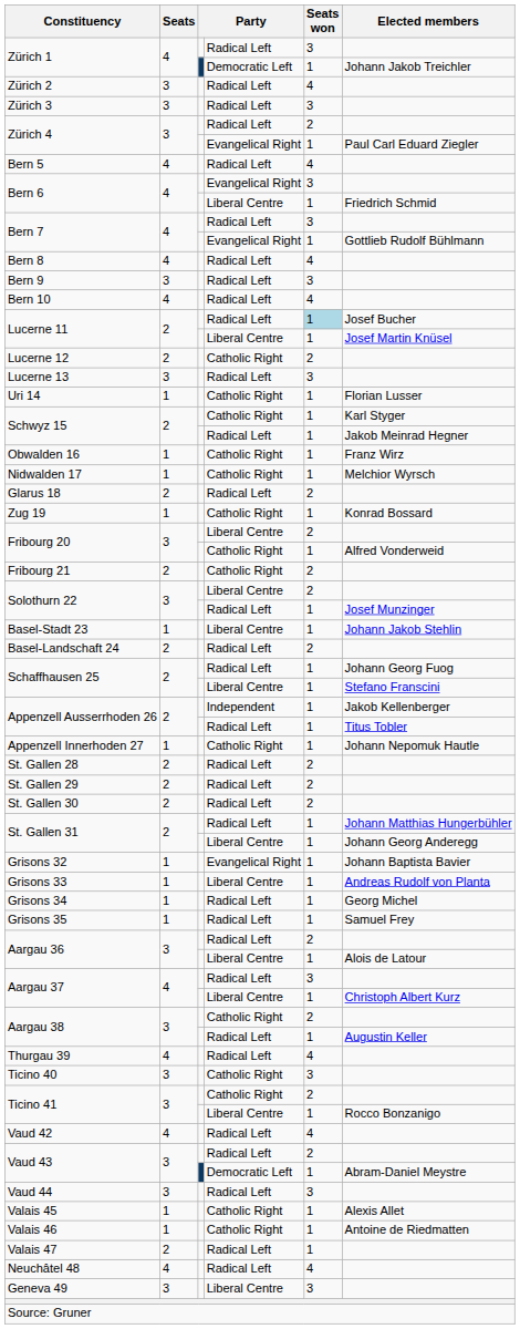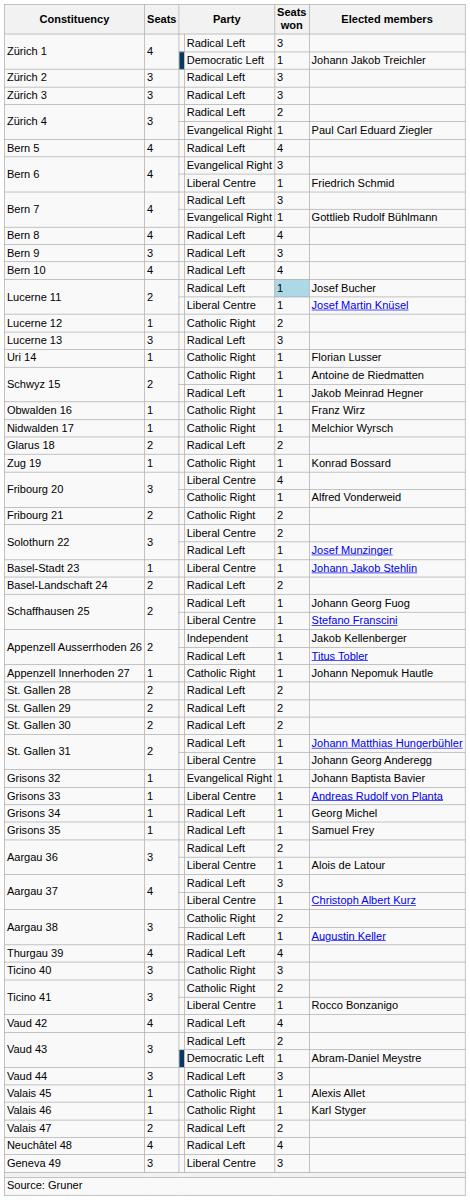 <table class="wikitable">
 <tr>
 <th>Constituency</th>
 <th>Seats</th>
 <th colspan="2">Party</th>
 <th>Seats<br>won</th>
 <th>Elected members</th>
 </tr>
 <tr>
 <td rowspan="2">Zürich 1</td>
 <td rowspan="2">4</td>
 <td style="color:inherit;background:"></td>
 <td>Radical Left</td>
 <td>3</td>
 <td></td>
 </tr>
 <tr>
 <td style="color:inherit;background:#0B3861"></td>
 <td>Democratic Left</td>
 <td>1</td>
 <td>Johann Jakob Treichler</td>
 </tr>
 <tr>
 <td>Zürich 2</td>
 <td>3</td>
 <td style="color:inherit;background:"></td>
 <td>Radical Left</td>
-<td>4</td>
+<td>3</td>
 <td></td>
 </tr>
 <tr>
 <td>Zürich 3</td>
 <td>3</td>
 <td style="color:inherit;background:"></td>
 <td>Radical Left</td>
 <td>3</td>
 <td></td>
 </tr>
 <tr>
 <td rowspan="2">Zürich 4</td>
 <td rowspan="2">3</td>
 <td style="color:inherit;background:"></td>
 <td>Radical Left</td>
 <td>2</td>
 <td></td>
 </tr>
 <tr>
 <td style="color:inherit;background:"></td>
 <td>Evangelical Right</td>
 <td>1</td>
 <td>Paul Carl Eduard Ziegler</td>
 </tr>
 <tr>
 <td>Bern 5</td>
 <td>4</td>
 <td style="color:inherit;background:"></td>
 <td>Radical Left</td>
 <td>4</td>
 <td></td>
 </tr>
 <tr>
 <td rowspan="2">Bern 6</td>
 <td rowspan="2">4</td>
 <td style="color:inherit;background:"></td>
 <td>Evangelical Right</td>
 <td>3</td>
 <td></td>
 </tr>
 <tr>
 <td style="color:inherit;background:"></td>
 <td>Liberal Centre</td>
 <td>1</td>
 <td>Friedrich Schmid</td>
 </tr>
 <tr>
 <td rowspan="2">Bern 7</td>
 <td rowspan="2">4</td>
 <td style="color:inherit;background:"></td>
 <td>Radical Left</td>
 <td>3</td>
 <td></td>
 </tr>
 <tr>
 <td style="color:inherit;background:"></td>
 <td>Evangelical Right</td>
 <td>1</td>
 <td>Gottlieb Rudolf Bühlmann</td>
 </tr>
 <tr>
 <td>Bern 8</td>
 <td>4</td>
 <td style="color:inherit;background:"></td>
 <td>Radical Left</td>
 <td>4</td>
 <td></td>
 </tr>
 <tr>
 <td>Bern 9</td>
 <td>3</td>
 <td style="color:inherit;background:"></td>
 <td>Radical Left</td>
 <td>3</td>
 <td></td>
 </tr>
 <tr>
 <td>Bern 10</td>
 <td>4</td>
 <td style="color:inherit;background:"></td>
 <td>Radical Left</td>
 <td>4</td>
 <td></td>
 </tr>
 <tr>
 <td rowspan="2">Lucerne 11</td>
 <td rowspan="2">2</td>
 <td style="color:inherit;background:"></td>
 <td>Radical Left</td>
 <td style="background: lightblue;">1</td>
 <td>Josef Bucher</td>
 </tr>
 <tr>
 <td style="color:inherit;background:"></td>
 <td>Liberal Centre</td>
 <td>1</td>
 <td><a href='#'>Josef Martin Knüsel</a></td>
 </tr>
 <tr>
 <td>Lucerne 12</td>
-<td>2</td>
+<td>1</td>
 <td style="color:inherit;background:"></td>
 <td>Catholic Right</td>
 <td>2</td>
 <td></td>
 </tr>
 <tr>
 <td>Lucerne 13</td>
 <td>3</td>
 <td style="color:inherit;background:"></td>
 <td>Radical Left</td>
 <td>3</td>
 <td></td>
 </tr>
 <tr>
 <td>Uri 14</td>
 <td>1</td>
 <td style="color:inherit;background:"></td>
 <td>Catholic Right</td>
 <td>1</td>
 <td>Florian Lusser</td>
 </tr>
 <tr>
 <td rowspan="2">Schwyz 15</td>
 <td rowspan="2">2</td>
 <td style="color:inherit;background:"></td>
 <td>Catholic Right</td>
 <td>1</td>
-<td>Karl Styger</td>
+<td>Antoine de Riedmatten</td>
 </tr>
 <tr>
 <td style="color:inherit;background:"></td>
 <td>Radical Left</td>
 <td>1</td>
 <td>Jakob Meinrad Hegner</td>
 </tr>
 <tr>
 <td>Obwalden 16</td>
 <td>1</td>
 <td style="color:inherit;background:"></td>
 <td>Catholic Right</td>
 <td>1</td>
 <td>Franz Wirz</td>
 </tr>
 <tr>
 <td>Nidwalden 17</td>
 <td>1</td>
 <td style="color:inherit;background:"></td>
 <td>Catholic Right</td>
 <td>1</td>
 <td>Melchior Wyrsch</td>
 </tr>
 <tr>
 <td>Glarus 18</td>
 <td>2</td>
 <td style="color:inherit;background:"></td>
 <td>Radical Left</td>
 <td>2</td>
 <td></td>
 </tr>
 <tr>
 <td>Zug 19</td>
 <td>1</td>
 <td style="color:inherit;background:"></td>
 <td>Catholic Right</td>
 <td>1</td>
 <td>Konrad Bossard</td>
 </tr>
 <tr>
 <td rowspan="2">Fribourg 20</td>
 <td rowspan="2">3</td>
 <td style="color:inherit;background:"></td>
 <td>Liberal Centre</td>
-<td>2</td>
+<td>4</td>
 <td></td>
 </tr>
 <tr>
 <td style="color:inherit;background:"></td>
 <td>Catholic Right</td>
 <td>1</td>
 <td>Alfred Vonderweid</td>
 </tr>
 <tr>
 <td>Fribourg 21</td>
 <td>2</td>
 <td style="color:inherit;background:"></td>
 <td>Catholic Right</td>
 <td>2</td>
 <td></td>
 </tr>
 <tr>
 <td rowspan="2">Solothurn 22</td>
 <td rowspan="2">3</td>
 <td style="color:inherit;background:"></td>
 <td>Liberal Centre</td>
 <td>2</td>
 <td></td>
 </tr>
 <tr>
 <td style="color:inherit;background:"></td>
 <td>Radical Left</td>
 <td>1</td>
 <td><a href='#'>Josef Munzinger</a></td>
 </tr>
 <tr>
 <td>Basel-Stadt 23</td>
 <td>1</td>
 <td style="color:inherit;background:"></td>
 <td>Liberal Centre</td>
 <td>1</td>
 <td><a href='#'>Johann Jakob Stehlin</a></td>
 </tr>
 <tr>
 <td>Basel-Landschaft 24</td>
 <td>2</td>
 <td style="color:inherit;background:"></td>
 <td>Radical Left</td>
 <td>2</td>
 <td></td>
 </tr>
 <tr>
 <td rowspan="2">Schaffhausen 25</td>
 <td rowspan="2">2</td>
 <td style="color:inherit;background:"></td>
 <td>Radical Left</td>
 <td>1</td>
 <td>Johann Georg Fuog</td>
 </tr>
 <tr>
 <td style="color:inherit;background:"></td>
 <td>Liberal Centre</td>
 <td>1</td>
 <td><a href='#'>Stefano Franscini</a></td>
 </tr>
 <tr>
 <td rowspan="2">Appenzell Ausserrhoden 26</td>
 <td rowspan="2">2</td>
 <td style="color:inherit;background:"></td>
 <td>Independent</td>
 <td>1</td>
 <td>Jakob Kellenberger</td>
 </tr>
 <tr>
 <td style="color:inherit;background:"></td>
 <td>Radical Left</td>
 <td>1</td>
 <td><a href='#'>Titus Tobler</a></td>
 </tr>
 <tr>
 <td>Appenzell Innerhoden 27</td>
 <td>1</td>
 <td style="color:inherit;background:"></td>
 <td>Catholic Right</td>
 <td>1</td>
 <td>Johann Nepomuk Hautle</td>
 </tr>
 <tr>
 <td>St. Gallen 28</td>
 <td>2</td>
 <td style="color:inherit;background:"></td>
 <td>Radical Left</td>
 <td>2</td>
 <td></td>
 </tr>
 <tr>
 <td>St. Gallen 29</td>
 <td>2</td>
 <td style="color:inherit;background:"></td>
 <td>Radical Left</td>
 <td>2</td>
 <td></td>
 </tr>
 <tr>
 <td>St. Gallen 30</td>
 <td>2</td>
 <td style="color:inherit;background:"></td>
 <td>Radical Left</td>
 <td>2</td>
 <td></td>
 </tr>
 <tr>
 <td rowspan="2">St. Gallen 31</td>
 <td rowspan="2">2</td>
 <td style="color:inherit;background:"></td>
 <td>Radical Left</td>
 <td>1</td>
 <td><a href='#'>Johann Matthias Hungerbühler</a></td>
 </tr>
 <tr>
 <td style="color:inherit;background:"></td>
 <td>Liberal Centre</td>
 <td>1</td>
 <td>Johann Georg Anderegg</td>
 </tr>
 <tr>
 <td>Grisons 32</td>
 <td>1</td>
 <td style="color:inherit;background:"></td>
 <td>Evangelical Right</td>
 <td>1</td>
 <td>Johann Baptista Bavier</td>
 </tr>
 <tr>
 <td>Grisons 33</td>
 <td>1</td>
 <td style="color:inherit;background:"></td>
 <td>Liberal Centre</td>
 <td>1</td>
 <td><a href='#'>Andreas Rudolf von Planta</a></td>
 </tr>
 <tr>
 <td>Grisons 34</td>
 <td>1</td>
 <td style="color:inherit;background:"></td>
 <td>Radical Left</td>
 <td>1</td>
 <td>Georg Michel</td>
 </tr>
 <tr>
 <td>Grisons 35</td>
 <td>1</td>
 <td style="color:inherit;background:"></td>
 <td>Radical Left</td>
 <td>1</td>
 <td>Samuel Frey</td>
 </tr>
 <tr>
 <td rowspan="2">Aargau 36</td>
 <td rowspan="2">3</td>
 <td style="color:inherit;background:"></td>
 <td>Radical Left</td>
 <td>2</td>
 <td></td>
 </tr>
 <tr>
 <td style="color:inherit;background:"></td>
 <td>Liberal Centre</td>
 <td>1</td>
 <td>Alois de Latour</td>
 </tr>
 <tr>
 <td rowspan="2">Aargau 37</td>
 <td rowspan="2">4</td>
 <td style="color:inherit;background:"></td>
 <td>Radical Left</td>
 <td>3</td>
 <td></td>
 </tr>
 <tr>
 <td style="color:inherit;background:"></td>
 <td>Liberal Centre</td>
 <td>1</td>
 <td><a href='#'>Christoph Albert Kurz</a></td>
 </tr>
 <tr>
 <td rowspan="2">Aargau 38</td>
 <td rowspan="2">3</td>
 <td style="color:inherit;background:"></td>
 <td>Catholic Right</td>
 <td>2</td>
 <td></td>
 </tr>
 <tr>
 <td style="color:inherit;background:"></td>
 <td>Radical Left</td>
 <td>1</td>
 <td><a href='#'>Augustin Keller</a></td>
 </tr>
 <tr>
 <td>Thurgau 39</td>
 <td>4</td>
 <td style="color:inherit;background:"></td>
 <td>Radical Left</td>
 <td>4</td>
 <td></td>
 </tr>
 <tr>
 <td>Ticino 40</td>
 <td>3</td>
 <td style="color:inherit;background:"></td>
 <td>Catholic Right</td>
 <td>3</td>
 <td></td>
 </tr>
 <tr>
 <td rowspan="2">Ticino 41</td>
 <td rowspan="2">3</td>
 <td style="color:inherit;background:"></td>
 <td>Catholic Right</td>
 <td>2</td>
 <td></td>
 </tr>
 <tr>
 <td style="color:inherit;background:"></td>
 <td>Liberal Centre</td>
 <td>1</td>
 <td>Rocco Bonzanigo</td>
 </tr>
 <tr>
 <td>Vaud 42</td>
 <td>4</td>
 <td style="color:inherit;background:"></td>
 <td>Radical Left</td>
 <td>4</td>
 <td></td>
 </tr>
 <tr>
 <td rowspan="2">Vaud 43</td>
 <td rowspan="2">3</td>
 <td style="color:inherit;background:"></td>
 <td>Radical Left</td>
 <td>2</td>
 <td></td>
 </tr>
 <tr>
 <td style="color:inherit;background:#0B3861"></td>
 <td>Democratic Left</td>
 <td>1</td>
 <td>Abram-Daniel Meystre</td>
 </tr>
 <tr>
 <td>Vaud 44</td>
 <td>3</td>
 <td style="color:inherit;background:"></td>
 <td>Radical Left</td>
 <td>3</td>
 <td></td>
 </tr>
 <tr>
 <td>Valais 45</td>
 <td>1</td>
 <td style="color:inherit;background:"></td>
 <td>Catholic Right</td>
 <td>1</td>
 <td>Alexis Allet</td>
 </tr>
 <tr>
 <td>Valais 46</td>
 <td>1</td>
 <td style="color:inherit;background:"></td>
 <td>Catholic Right</td>
 <td>1</td>
-<td>Antoine de Riedmatten</td>
+<td>Karl Styger</td>
 </tr>
 <tr>
 <td>Valais 47</td>
 <td>2</td>
 <td style="color:inherit;background:"></td>
 <td>Radical Left</td>
-<td>1</td>
+<td>2</td>
 <td></td>
 </tr>
 <tr>
 <td>Neuchâtel 48</td>
 <td>4</td>
 <td style="color:inherit;background:"></td>
 <td>Radical Left</td>
 <td>4</td>
 <td></td>
 </tr>
 <tr>
 <td>Geneva 49</td>
 <td>3</td>
 <td style="color:inherit;background:"></td>
 <td>Liberal Centre</td>
 <td>3</td>
 <td></td>
 </tr>
 <tr>
 <th colspan="6"></th>
 </tr>
 <tr>
 <td colspan="6">Source: Gruner</td>
 </tr>
 </table>
